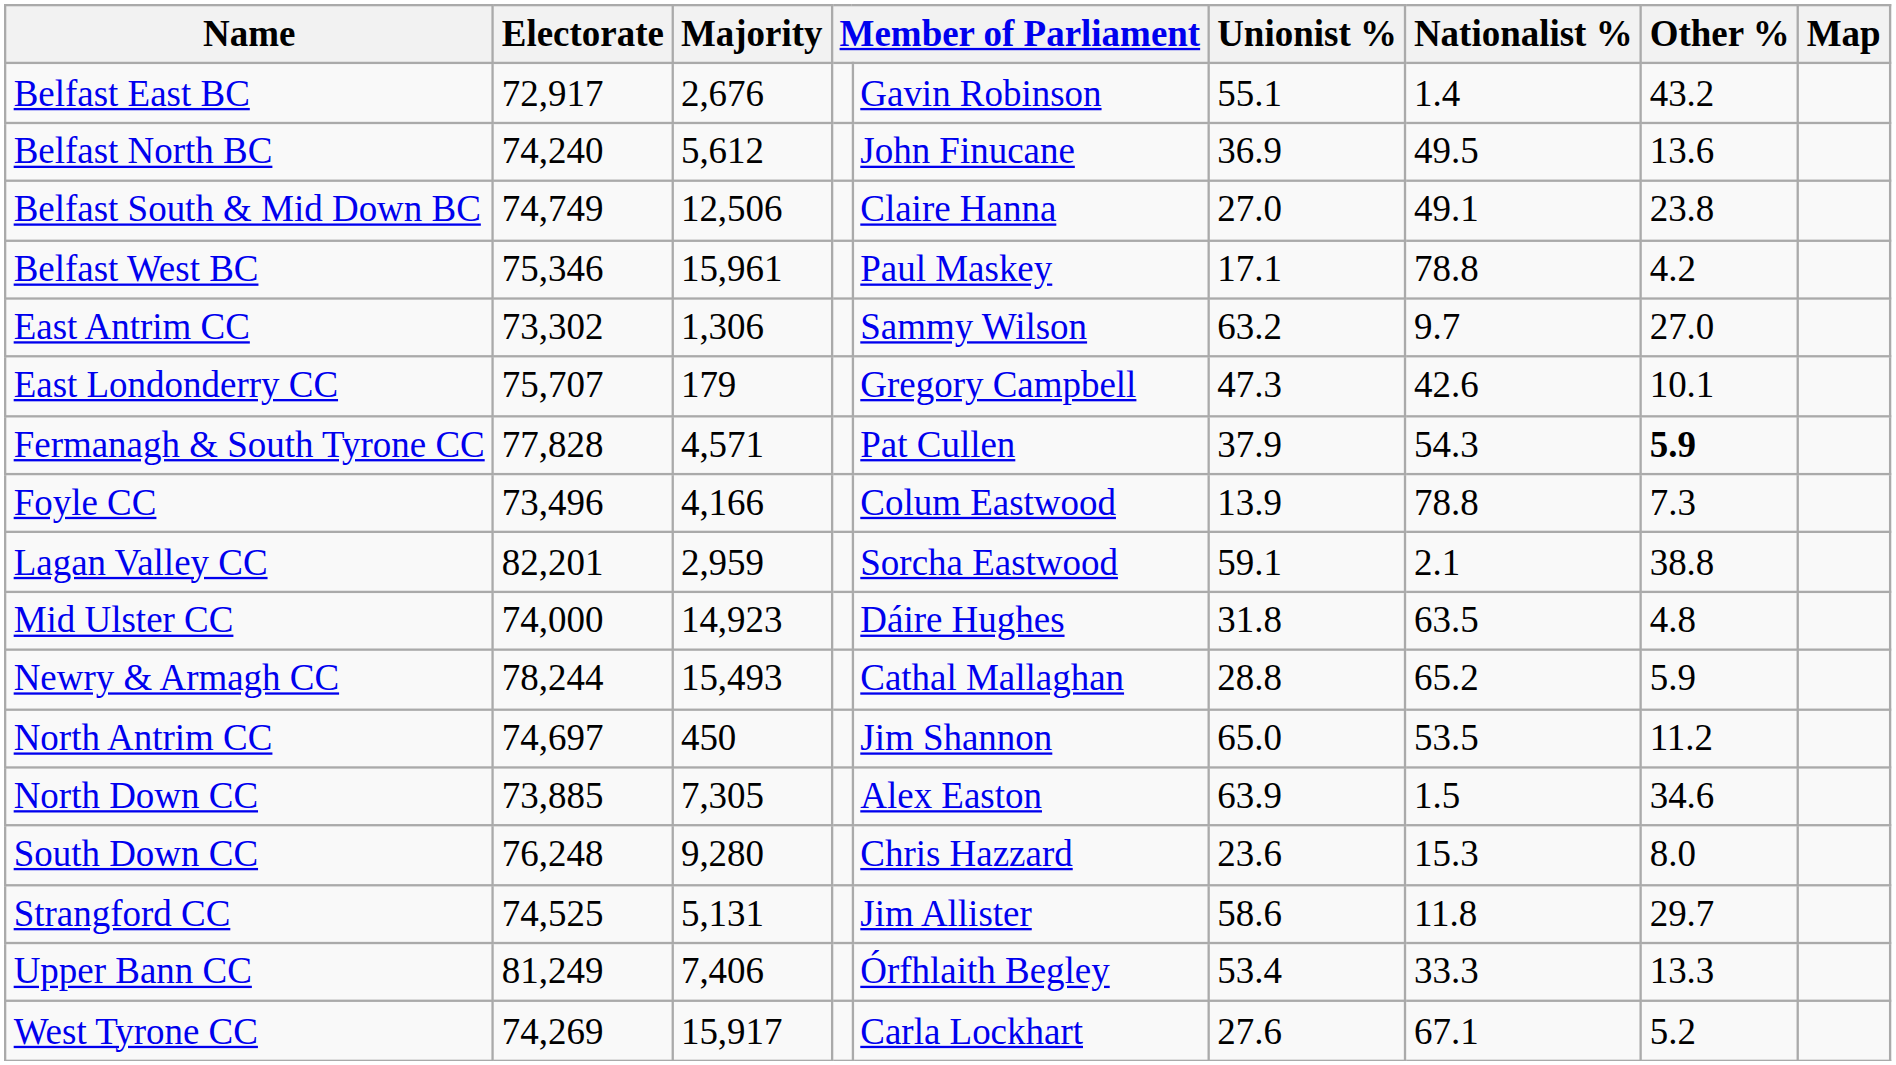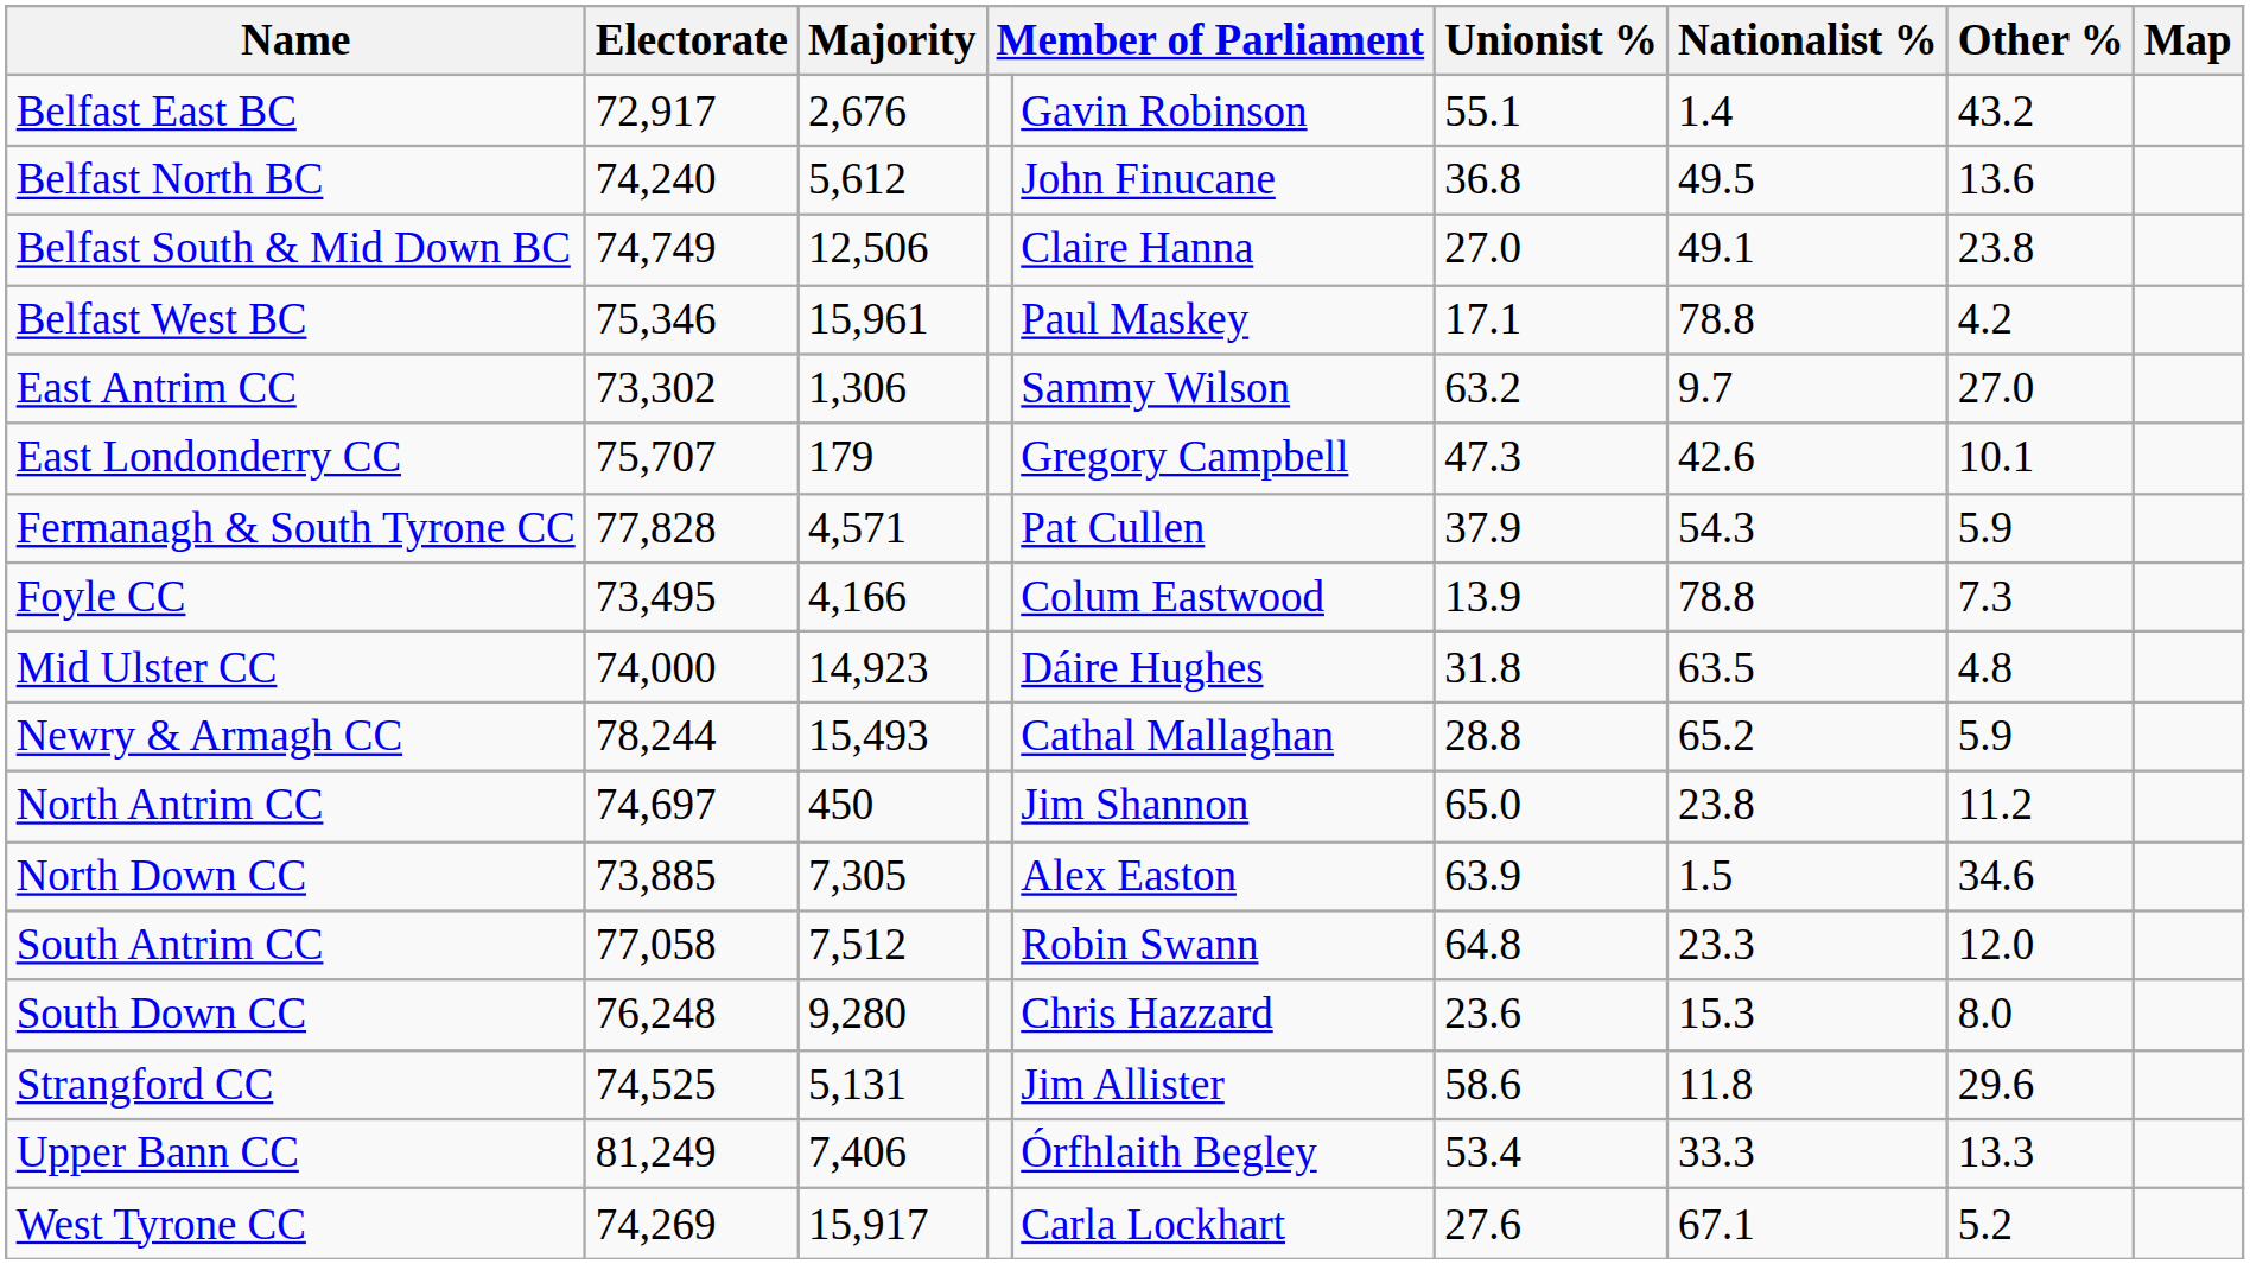 <table class="wikitable sortable">
 <tr>
 <th rowspan=1>Name</th>
 <th rowspan=1>Electorate</th>
 <th rowspan=1>Majority</th>
 <th colspan=2 class=unsortable><a href='#'>Member of Parliament</a></th>
 <th rowspan=1>Unionist %</th>
 <th rowspan=1>Nationalist %</th>
 <th rowspan=1>Other %</th>
 <th rowspan=1 class=unsortable>Map</th>
 </tr>
 <tr>
 <td><a href='#'>Belfast East BC</a></td>
 <td>72,917</td>
 <td>2,676</td>
 <td></td>
 <td><a href='#'>Gavin Robinson</a></td>
 <td>55.1</td>
 <td>1.4</td>
 <td>43.2</td>
 <td></td>
 </tr>
 <tr>
 <td><a href='#'>Belfast North BC</a></td>
 <td>74,240</td>
 <td>5,612</td>
 <td bgcolor=></td>
 <td><a href='#'>John Finucane</a></td>
-<td>36.9</td>
+<td>36.8</td>
 <td>49.5</td>
 <td>13.6</td>
 <td></td>
 </tr>
 <tr>
 <td><a href='#'>Belfast South & Mid Down BC</a></td>
 <td>74,749</td>
 <td>12,506</td>
 <td></td>
 <td><a href='#'>Claire Hanna</a></td>
 <td>27.0</td>
 <td>49.1</td>
 <td>23.8</td>
 <td></td>
 </tr>
 <tr>
 <td><a href='#'>Belfast West BC</a></td>
 <td>75,346</td>
 <td>15,961</td>
 <td bgcolor=></td>
 <td><a href='#'>Paul Maskey</a></td>
 <td>17.1</td>
 <td>78.8</td>
 <td>4.2</td>
 <td></td>
 </tr>
 <tr>
 <td><a href='#'>East Antrim CC</a></td>
 <td>73,302</td>
 <td>1,306</td>
 <td></td>
 <td><a href='#'>Sammy Wilson</a></td>
 <td>63.2</td>
 <td>9.7</td>
 <td>27.0</td>
 <td></td>
 </tr>
 <tr>
 <td><a href='#'>East Londonderry CC</a></td>
 <td>75,707</td>
 <td>179</td>
 <td></td>
 <td><a href='#'>Gregory Campbell</a></td>
 <td>47.3</td>
 <td>42.6</td>
 <td>10.1</td>
 <td></td>
 </tr>
 <tr>
 <td><a href='#'>Fermanagh & South Tyrone CC</a></td>
 <td>77,828</td>
 <td>4,571</td>
 <td bgcolor=></td>
 <td><a href='#'>Pat Cullen</a></td>
 <td>37.9</td>
 <td>54.3</td>
-<td><strong>5.9</strong></td>
+<td>5.9</td>
 <td></td>
 </tr>
 <tr>
 <td><a href='#'>Foyle CC</a></td>
-<td>73,496</td>
+<td>73,495</td>
 <td>4,166</td>
 <td></td>
 <td><a href='#'>Colum Eastwood</a></td>
 <td>13.9</td>
 <td>78.8</td>
 <td>7.3</td>
-<td></td>
-</tr>
-<tr>
-<td><a href='#'>Lagan Valley CC</a></td>
-<td>82,201</td>
-<td>2,959</td>
-<td></td>
-<td><a href='#'>Sorcha Eastwood</a></td>
-<td>59.1</td>
-<td>2.1</td>
-<td>38.8</td>
 <td></td>
 </tr>
 <tr>
 <td><a href='#'>Mid Ulster CC</a></td>
 <td>74,000</td>
 <td>14,923</td>
 <td bgcolor=></td>
 <td><a href='#'>Dáire Hughes</a></td>
 <td>31.8</td>
 <td>63.5</td>
 <td>4.8</td>
 <td></td>
 </tr>
 <tr>
 <td><a href='#'>Newry & Armagh CC</a></td>
 <td>78,244</td>
 <td>15,493</td>
 <td bgcolor=></td>
 <td><a href='#'>Cathal Mallaghan</a></td>
 <td>28.8</td>
 <td>65.2</td>
 <td>5.9</td>
 <td></td>
 </tr>
 <tr>
 <td><a href='#'>North Antrim CC</a></td>
 <td>74,697</td>
 <td>450</td>
 <td></td>
 <td><a href='#'>Jim Shannon</a></td>
 <td>65.0</td>
-<td>53.5</td>
+<td>23.8</td>
 <td>11.2</td>
 <td></td>
 </tr>
 <tr>
 <td><a href='#'>North Down CC</a></td>
 <td>73,885</td>
 <td>7,305</td>
 <td></td>
 <td><a href='#'>Alex Easton</a></td>
 <td>63.9</td>
 <td>1.5</td>
 <td>34.6</td>
+<td></td>
+</tr>
+<tr>
+<td><a href='#'>South Antrim CC</a></td>
+<td>77,058</td>
+<td>7,512</td>
+<td></td>
+<td><a href='#'>Robin Swann</a></td>
+<td>64.8</td>
+<td>23.3</td>
+<td>12.0</td>
 <td></td>
 </tr>
 <tr>
 <td><a href='#'>South Down CC</a></td>
 <td>76,248</td>
 <td>9,280</td>
 <td bgcolor=></td>
 <td><a href='#'>Chris Hazzard</a></td>
 <td>23.6</td>
 <td>15.3</td>
 <td>8.0</td>
 <td></td>
 </tr>
 <tr>
 <td><a href='#'>Strangford CC</a></td>
 <td>74,525</td>
 <td>5,131</td>
 <td></td>
 <td><a href='#'>Jim Allister</a></td>
 <td>58.6</td>
 <td>11.8</td>
-<td>29.7</td>
+<td>29.6</td>
 <td></td>
 </tr>
 <tr>
 <td><a href='#'>Upper Bann CC</a></td>
 <td>81,249</td>
 <td>7,406</td>
 <td></td>
 <td><a href='#'>Órfhlaith Begley</a></td>
 <td>53.4</td>
 <td>33.3</td>
 <td>13.3</td>
 <td></td>
 </tr>
 <tr>
 <td><a href='#'>West Tyrone CC</a></td>
 <td>74,269</td>
 <td>15,917</td>
 <td bgcolor=></td>
 <td><a href='#'>Carla Lockhart</a></td>
 <td>27.6</td>
 <td>67.1</td>
 <td>5.2</td>
 <td></td>
 </tr>
 </table>
